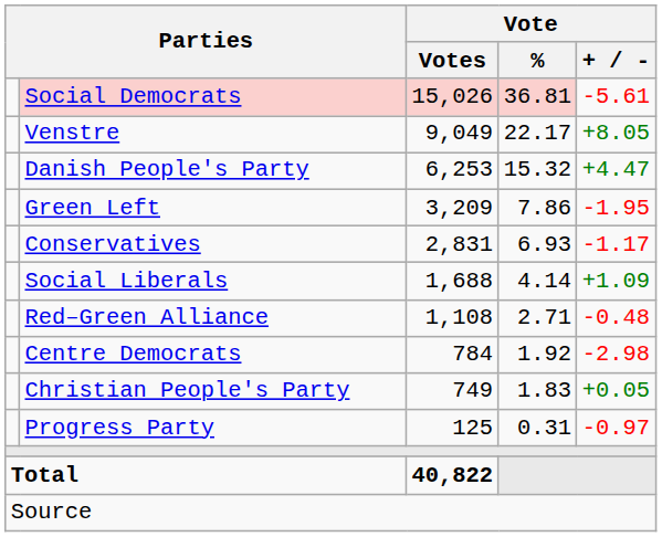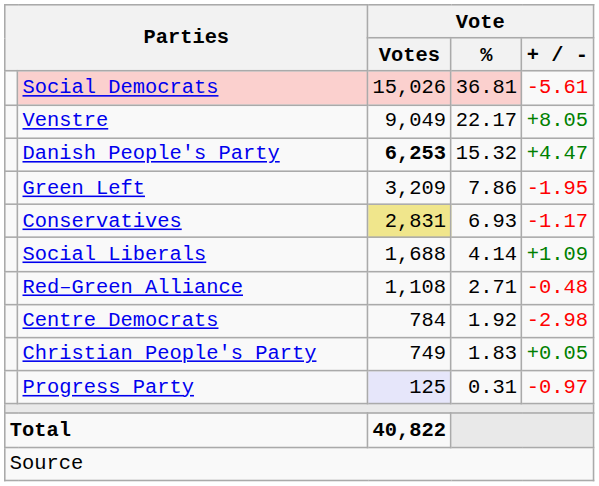 <table class="wikitable" style="text-align:right;">
 <tr>
 <th style="text-align:centre;" rowspan="2" colspan="2" width="225">Parties</th>
 <th colspan="3">Vote</th>
 </tr>
 <tr>
 <th width="15">Votes</th>
 <th width="15">%</th>
 <th width="15">+ / -</th>
 </tr>
 <tr>
 <td width="2" style="color:inherit;background:"></td>
 <td bgcolor=#fbd0ce  align="left"><a href='#'>Social Democrats</a></td>
 <td bgcolor=#fbd0ce>15,026</td>
 <td bgcolor=#fbd0ce>36.81</td>
 <td style=color:red;>-5.61</td>
 </tr>
 <tr>
 <td width="2" style="color:inherit;background:"></td>
 <td align="left"><a href='#'>Venstre</a></td>
 <td>9,049</td>
 <td>22.17</td>
 <td style=color:green;>+8.05</td>
 </tr>
 <tr>
 <td width="2" style="color:inherit;background:"></td>
 <td align="left"><a href='#'>Danish People's Party</a></td>
-<td>6,253</td>
+<td><strong>6,253</strong></td>
 <td>15.32</td>
 <td style=color:green;>+4.47</td>
 </tr>
 <tr>
 <td width="2" style="color:inherit;background:"></td>
 <td align="left"><a href='#'>Green Left</a></td>
 <td>3,209</td>
 <td>7.86</td>
 <td style=color:red;>-1.95</td>
 </tr>
 <tr>
 <td width="2" style="color:inherit;background:"></td>
 <td align="left"><a href='#'>Conservatives</a></td>
-<td>2,831</td>
+<td style="background: khaki;">2,831</td>
 <td>6.93</td>
 <td style=color:red;>-1.17</td>
 </tr>
 <tr>
 <td width="2" style="color:inherit;background:"></td>
 <td align="left"><a href='#'>Social Liberals</a></td>
 <td>1,688</td>
 <td>4.14</td>
 <td style=color:green;>+1.09</td>
 </tr>
 <tr>
 <td width="2" style="color:inherit;background:"></td>
 <td align="left"><a href='#'>Red–Green Alliance</a></td>
 <td>1,108</td>
 <td>2.71</td>
 <td style=color:red;>-0.48</td>
 </tr>
 <tr>
 <td width="2" style="color:inherit;background:"></td>
 <td align="left"><a href='#'>Centre Democrats</a></td>
 <td>784</td>
 <td>1.92</td>
 <td style=color:red;>-2.98</td>
 </tr>
 <tr>
 <td width="2" style="color:inherit;background:"></td>
 <td align="left"><a href='#'>Christian People's Party</a></td>
 <td>749</td>
 <td>1.83</td>
 <td style=color:green;>+0.05</td>
 </tr>
 <tr>
 <td width="2" style="color:inherit;background:"></td>
 <td align="left"><a href='#'>Progress Party</a></td>
-<td>125</td>
+<td style="background: lavender;">125</td>
 <td>0.31</td>
 <td style=color:red;>-0.97</td>
 </tr>
 <tr>
 <td colspan="7" bgcolor="#E9E9E9"></td>
 </tr>
 <tr>
 <td align="left" colspan="2"><strong>Total</strong></td>
 <td><strong>40,822</strong></td>
 <td bgcolor="#E9E9E9" colspan="2"></td>
 </tr>
 <tr>
 <td align="left" colspan="6">Source</td>
 </tr>
 </table>
